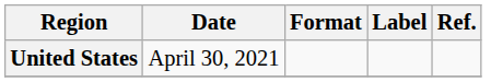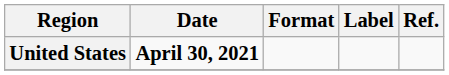 <table class="wikitable plainrowheaders">
 <tr>
 <th scope="col">Region</th>
 <th scope="col">Date</th>
 <th scope="col">Format</th>
 <th scope="col">Label</th>
 <th scope="col">Ref.</th>
 </tr>
 <tr>
 <th scope="row">United States</th>
-<td>April 30, 2021</td>
+<td><strong>April 30, 2021</strong></td>
 <td></td>
 <td></td>
 <td></td>
 </tr>
 <tr>
 </tr>
 </table>
